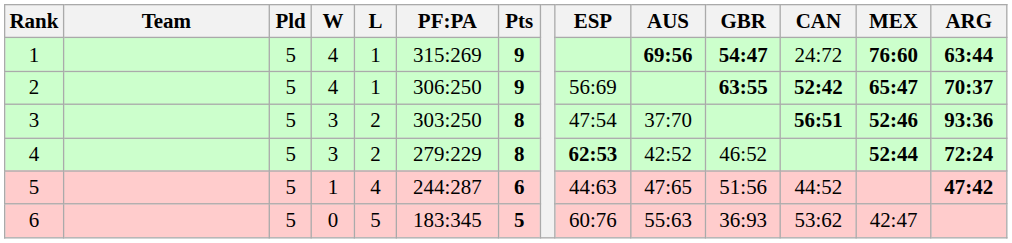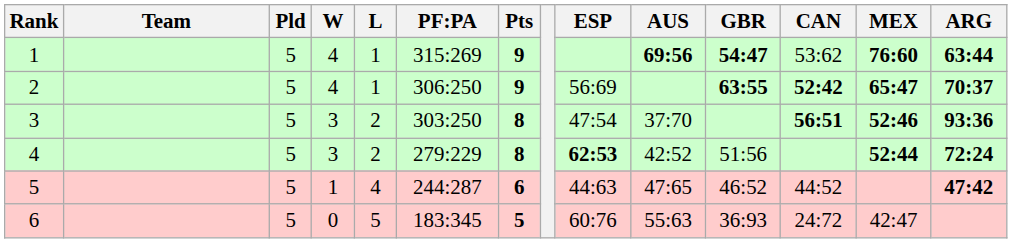 <table class="wikitable" style="text-align:center">
 <tr>
 <th width=25>Rank</th>
 <th width=150>Team</th>
 <th width=25>Pld</th>
 <th width=25>W</th>
 <th width=25>L</th>
 <th width=70>PF:PA</th>
 <th width=25>Pts</th>
 <th rowspan="7"> </th>
 <th width=50>ESP</th>
 <th width=50>AUS</th>
 <th width=50>GBR</th>
 <th width=50>CAN</th>
 <th width=50>MEX</th>
 <th width=50>ARG</th>
 </tr>
 <tr style="background:#ccffcc;">
 <td>1</td>
 <td style="text-align:left"></td>
 <td>5</td>
 <td>4</td>
 <td>1</td>
 <td>315:269</td>
 <td><strong>9</strong></td>
 <td></td>
 <td><strong>69:56</strong></td>
 <td><strong>54:47</strong></td>
-<td>24:72</td>
+<td>53:62</td>
 <td><strong>76:60</strong></td>
 <td><strong>63:44</strong></td>
 </tr>
 <tr style="background:#ccffcc;">
 <td>2</td>
 <td style="text-align:left"></td>
 <td>5</td>
 <td>4</td>
 <td>1</td>
 <td>306:250</td>
 <td><strong>9</strong></td>
 <td>56:69</td>
 <td></td>
 <td><strong>63:55</strong></td>
 <td><strong>52:42</strong></td>
 <td><strong>65:47</strong></td>
 <td><strong>70:37</strong></td>
 </tr>
 <tr style="background:#ccffcc;">
 <td>3</td>
 <td style="text-align:left"></td>
 <td>5</td>
 <td>3</td>
 <td>2</td>
 <td>303:250</td>
 <td><strong>8</strong></td>
 <td>47:54</td>
 <td>37:70</td>
 <td></td>
 <td><strong>56:51</strong></td>
 <td><strong>52:46</strong></td>
 <td><strong>93:36</strong></td>
 </tr>
 <tr style="background:#ccffcc;">
 <td>4</td>
 <td style="text-align:left"></td>
 <td>5</td>
 <td>3</td>
 <td>2</td>
 <td>279:229</td>
 <td><strong>8</strong></td>
 <td><strong>62:53</strong></td>
 <td>42:52</td>
-<td>46:52</td>
+<td>51:56</td>
 <td></td>
 <td><strong>52:44</strong></td>
 <td><strong>72:24</strong></td>
 </tr>
 <tr style="background:#ffcccc;">
 <td>5</td>
 <td style="text-align:left"></td>
 <td>5</td>
 <td>1</td>
 <td>4</td>
 <td>244:287</td>
 <td><strong>6</strong></td>
 <td>44:63</td>
 <td>47:65</td>
-<td>51:56</td>
+<td>46:52</td>
 <td>44:52</td>
 <td></td>
 <td><strong>47:42</strong></td>
 </tr>
 <tr style="background:#ffcccc;">
 <td>6</td>
 <td style="text-align:left"></td>
 <td>5</td>
 <td>0</td>
 <td>5</td>
 <td>183:345</td>
 <td><strong>5</strong></td>
 <td>60:76</td>
 <td>55:63</td>
 <td>36:93</td>
-<td>53:62</td>
+<td>24:72</td>
 <td>42:47</td>
 <td></td>
 </tr>
 </table>
